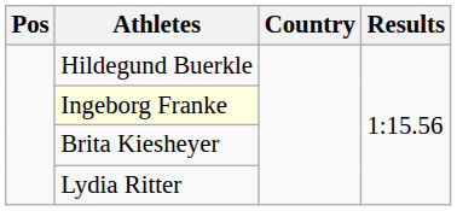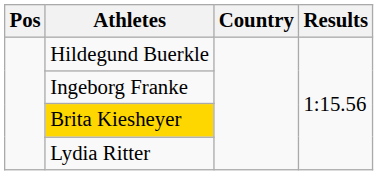 <table class="wikitable">
 <tr>
 <th>Pos</th>
 <th>Athletes</th>
 <th>Country</th>
 <th>Results</th>
 </tr>
 <tr>
 <td rowspan="4"></td>
 <td>Hildegund Buerkle</td>
 <td rowspan="4"></td>
 <td rowspan="4">1:15.56</td>
 </tr>
 <tr>
-<td style="background: lightyellow;">Ingeborg Franke</td>
+<td>Ingeborg Franke</td>
 </tr>
 <tr>
-<td>Brita Kiesheyer</td>
+<td style="background: gold;">Brita Kiesheyer</td>
 </tr>
 <tr>
 <td>Lydia Ritter</td>
 </tr>
 </table>
